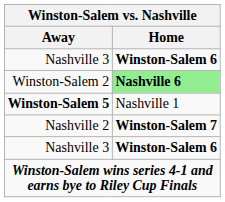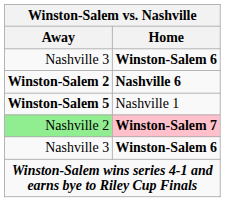 <table class="wikitable">
 <tr>
 <th bgcolor="#DDDDDD" colspan="4">Winston-Salem vs. Nashville</th>
 </tr>
 <tr>
 <th>Away</th>
 <th>Home</th>
 </tr>
 <tr>
 <td align="right">Nashville 3</td>
 <td><strong>Winston-Salem 6</strong></td>
 </tr>
 <tr>
-<td align="right">Winston-Salem 2</td>
-<td style="background: lightgreen;"><strong>Nashville 6</strong></td>
+<td align="right"><strong>Winston-Salem 2</strong></td>
+<td><strong>Nashville 6</strong></td>
 </tr>
 <tr>
 <td align="right"><strong>Winston-Salem 5</strong></td>
 <td>Nashville 1</td>
 </tr>
 <tr>
-<td align="right">Nashville 2</td>
-<td><strong>Winston-Salem 7</strong></td>
+<td align="right" style="background: lightgreen;">Nashville 2</td>
+<td style="background: pink;"><strong>Winston-Salem 7</strong></td>
 </tr>
 <tr>
 <td align="right">Nashville 3</td>
 <td><strong>Winston-Salem 6</strong></td>
 </tr>
 <tr align="center">
 <td colspan="4"><strong><em>Winston-Salem wins series 4-1 and <br> earns bye to Riley Cup Finals</em></strong></td>
 </tr>
 </table>
